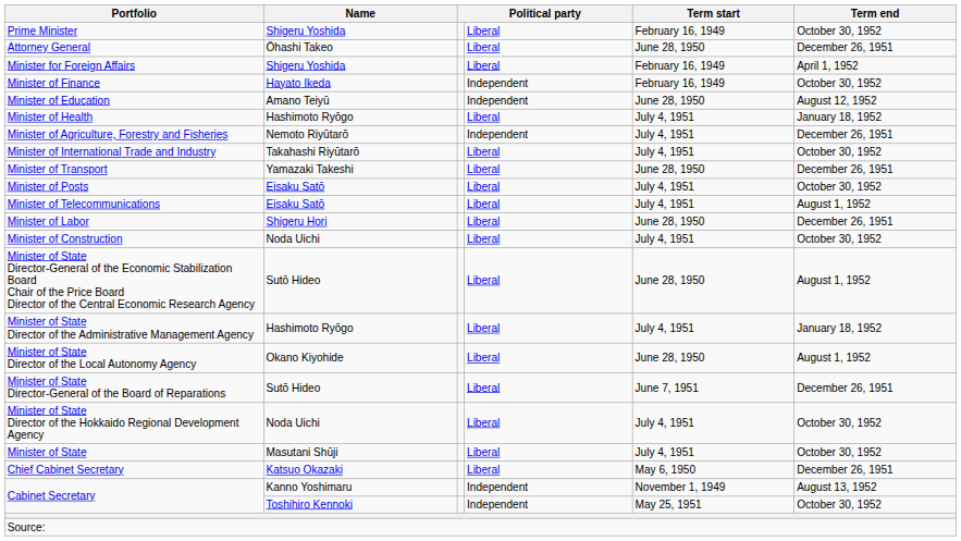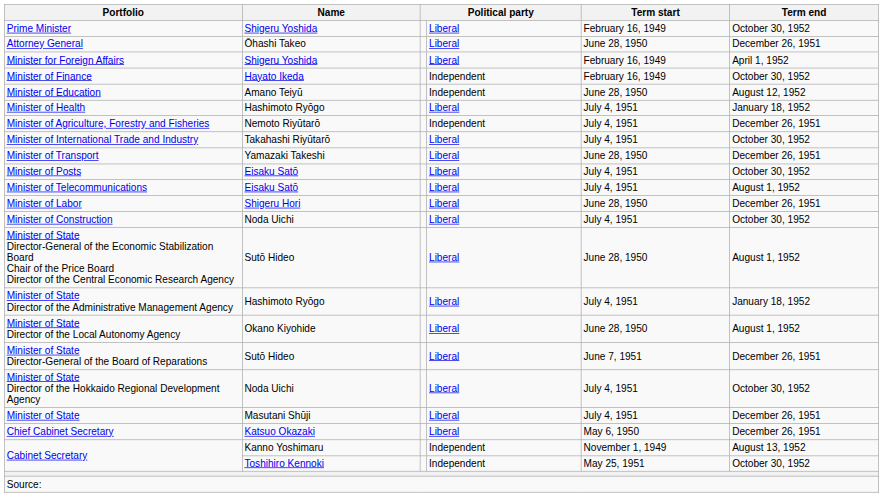 <table class="wikitable unsortable" style="font-size: 90%;">
 <tr>
 <th scope="col" width="20%">Portfolio</th>
 <th scope="col" width="15%">Name</th>
 <th colspan="2" scope="col" width="13.5%">Political party</th>
 <th scope="col" width="12.5%">Term start</th>
 <th scope="col" width="12.5%">Term end</th>
 </tr>
 <tr>
 <td style="text-align: left;"><a href='#'>Prime Minister</a></td>
 <td><a href='#'>Shigeru Yoshida</a></td>
 <td width="0.5%" style="background:"></td>
 <td><a href='#'>Liberal</a></td>
 <td>February 16, 1949</td>
 <td>October 30, 1952</td>
 </tr>
 <tr>
 <td><a href='#'>Attorney General</a></td>
 <td>Ōhashi Takeo</td>
 <td style="color:inherit;background:"></td>
 <td><a href='#'>Liberal</a></td>
 <td>June 28, 1950</td>
 <td>December 26, 1951</td>
 </tr>
 <tr>
 <td><a href='#'>Minister for Foreign Affairs</a></td>
 <td><a href='#'>Shigeru Yoshida</a></td>
 <td style="color:inherit;background:"></td>
 <td><a href='#'>Liberal</a></td>
 <td>February 16, 1949</td>
 <td>April 1, 1952</td>
 </tr>
 <tr>
 <td><a href='#'>Minister of Finance</a></td>
 <td><a href='#'>Hayato Ikeda</a></td>
 <td style="color:inherit;background:"></td>
 <td>Independent</td>
 <td>February 16, 1949</td>
 <td>October 30, 1952</td>
 </tr>
 <tr>
 <td><a href='#'>Minister of Education</a></td>
 <td>Amano Teiyū</td>
 <td style="color:inherit;background:"></td>
 <td>Independent</td>
 <td>June 28, 1950</td>
 <td>August 12, 1952</td>
 </tr>
 <tr>
 <td><a href='#'>Minister of Health</a></td>
 <td>Hashimoto Ryōgo</td>
 <td style="color:inherit;background:"></td>
 <td><a href='#'>Liberal</a></td>
 <td>July 4, 1951</td>
 <td>January 18, 1952</td>
 </tr>
 <tr>
 <td><a href='#'>Minister of Agriculture, Forestry and Fisheries</a></td>
 <td>Nemoto Riyūtarō</td>
 <td style="color:inherit;background:"></td>
 <td>Independent</td>
 <td>July 4, 1951</td>
 <td>December 26, 1951</td>
 </tr>
 <tr>
 <td><a href='#'>Minister of International Trade and Industry</a></td>
 <td>Takahashi Riyūtarō</td>
 <td style="color:inherit;background:"></td>
 <td><a href='#'>Liberal</a></td>
 <td>July 4, 1951</td>
 <td>October 30, 1952</td>
 </tr>
 <tr>
 <td><a href='#'>Minister of Transport</a></td>
 <td>Yamazaki Takeshi</td>
 <td style="color:inherit;background:"></td>
 <td><a href='#'>Liberal</a></td>
 <td>June 28, 1950</td>
 <td>December 26, 1951</td>
 </tr>
 <tr>
 <td><a href='#'>Minister of Posts</a></td>
 <td><a href='#'>Eisaku Satō</a></td>
 <td style="color:inherit;background:"></td>
 <td><a href='#'>Liberal</a></td>
 <td>July 4, 1951</td>
 <td>October 30, 1952</td>
 </tr>
 <tr>
 <td><a href='#'>Minister of Telecommunications</a></td>
 <td><a href='#'>Eisaku Satō</a></td>
 <td style="color:inherit;background:"></td>
 <td><a href='#'>Liberal</a></td>
 <td>July 4, 1951</td>
 <td>August 1, 1952</td>
 </tr>
 <tr>
 <td><a href='#'>Minister of Labor</a></td>
 <td><a href='#'>Shigeru Hori</a></td>
 <td style="color:inherit;background:"></td>
 <td><a href='#'>Liberal</a></td>
 <td>June 28, 1950</td>
 <td>December 26, 1951</td>
 </tr>
 <tr>
 <td><a href='#'>Minister of Construction</a></td>
 <td>Noda Uichi</td>
 <td style="color:inherit;background:"></td>
 <td><a href='#'>Liberal</a></td>
 <td>July 4, 1951</td>
 <td>October 30, 1952</td>
 </tr>
 <tr>
 <td><a href='#'>Minister of State</a><br>Director-General of the Economic Stabilization Board<br>Chair of the Price Board<br>Director of the Central Economic Research Agency</td>
 <td>Sutō Hideo</td>
 <td style="color:inherit;background:"></td>
 <td><a href='#'>Liberal</a></td>
 <td>June 28, 1950</td>
 <td>August 1, 1952</td>
 </tr>
 <tr>
 <td><a href='#'>Minister of State</a><br>Director of the Administrative Management Agency</td>
 <td>Hashimoto Ryōgo</td>
 <td style="color:inherit;background:"></td>
 <td><a href='#'>Liberal</a></td>
 <td>July 4, 1951</td>
 <td>January 18, 1952</td>
 </tr>
 <tr>
 <td><a href='#'>Minister of State</a><br>Director of the Local Autonomy Agency</td>
 <td>Okano Kiyohide</td>
 <td style="color:inherit;background:"></td>
 <td><a href='#'>Liberal</a></td>
 <td>June 28, 1950</td>
 <td>August 1, 1952</td>
 </tr>
 <tr>
 <td><a href='#'>Minister of State</a><br>Director-General of the Board of Reparations</td>
 <td>Sutō Hideo</td>
 <td style="color:inherit;background:"></td>
 <td><a href='#'>Liberal</a></td>
 <td>June 7, 1951</td>
 <td>December 26, 1951</td>
 </tr>
 <tr>
 <td><a href='#'>Minister of State</a><br>Director of the Hokkaido Regional Development Agency</td>
 <td>Noda Uichi</td>
 <td style="color:inherit;background:"></td>
 <td><a href='#'>Liberal</a></td>
 <td>July 4, 1951</td>
 <td>October 30, 1952</td>
 </tr>
 <tr>
 <td><a href='#'>Minister of State</a></td>
 <td>Masutani Shūji</td>
 <td style="color:inherit;background:"></td>
 <td><a href='#'>Liberal</a></td>
 <td>July 4, 1951</td>
-<td>October 30, 1952</td>
+<td>December 26, 1951</td>
 </tr>
 <tr>
 <td><a href='#'>Chief Cabinet Secretary</a></td>
 <td><a href='#'>Katsuo Okazaki</a></td>
 <td style="color:inherit;background:"></td>
 <td><a href='#'>Liberal</a></td>
 <td>May 6, 1950</td>
 <td>December 26, 1951</td>
 </tr>
 <tr>
 <td rowspan="2"><a href='#'>Cabinet Secretary</a></td>
 <td>Kanno Yoshimaru</td>
 <td style="color:inherit;background:"></td>
 <td>Independent</td>
 <td>November 1, 1949</td>
 <td>August 13, 1952</td>
 </tr>
 <tr>
 <td><a href='#'>Toshihiro Kennoki</a></td>
 <td style="color:inherit;background:"></td>
 <td>Independent</td>
 <td>May 25, 1951</td>
 <td>October 30, 1952</td>
 </tr>
 <tr>
 <th colspan="6"></th>
 </tr>
 <tr>
 <td colspan="6">Source:</td>
 </tr>
 </table>
